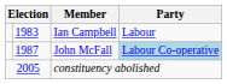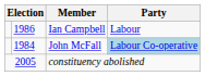 <table class="wikitable">
 <tr>
 <th colspan="2">Election</th>
 <th>Member</th>
 <th>Party</th>
 </tr>
 <tr>
 <td style="color:inherit;background-color: "></td>
-<td><a href='#'>1983</a></td>
+<td><a href='#'>1986</a></td>
 <td><a href='#'>Ian Campbell</a></td>
 <td><a href='#'>Labour</a></td>
 </tr>
 <tr>
 <td style="color:inherit;background-color: "></td>
-<td><a href='#'>1987</a></td>
+<td><a href='#'>1984</a></td>
 <td><a href='#'>John McFall</a></td>
 <td style="background: lightblue;"><a href='#'>Labour Co-operative</a></td>
 </tr>
 <tr>
 <td colspan="2" align="center"><a href='#'>2005</a></td>
 <td colspan="2"><em>constituency abolished</em></td>
 </tr>
 </table>
